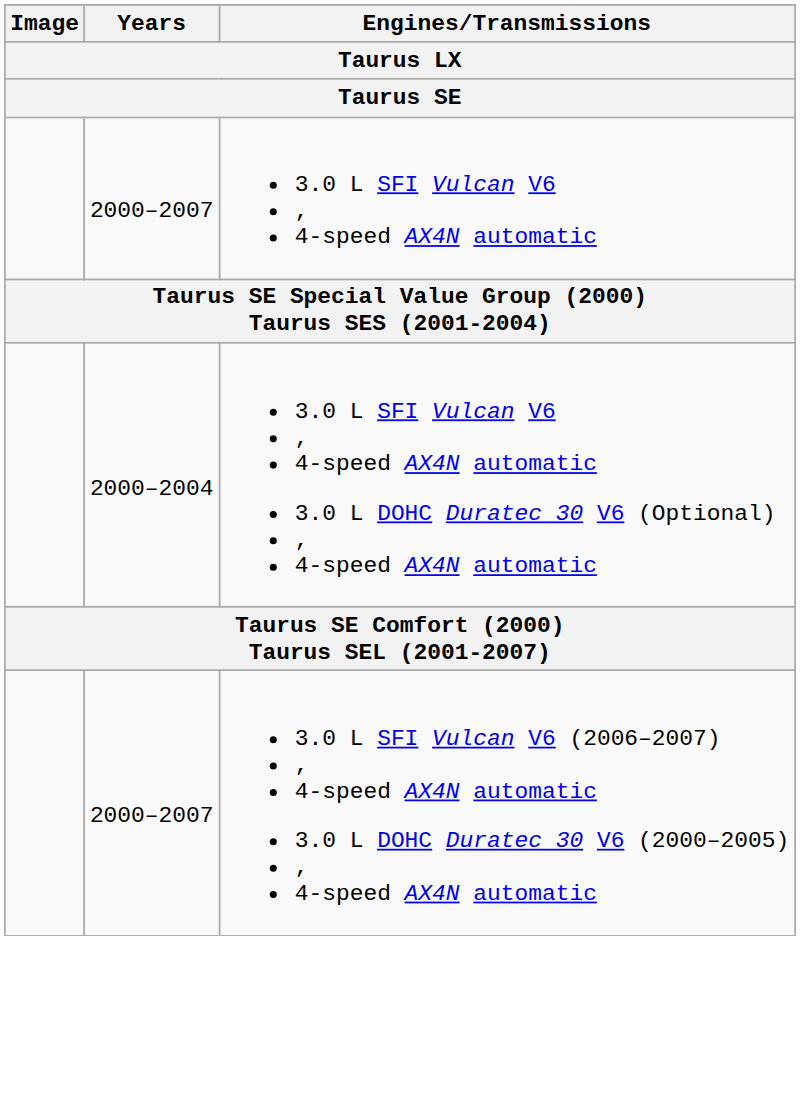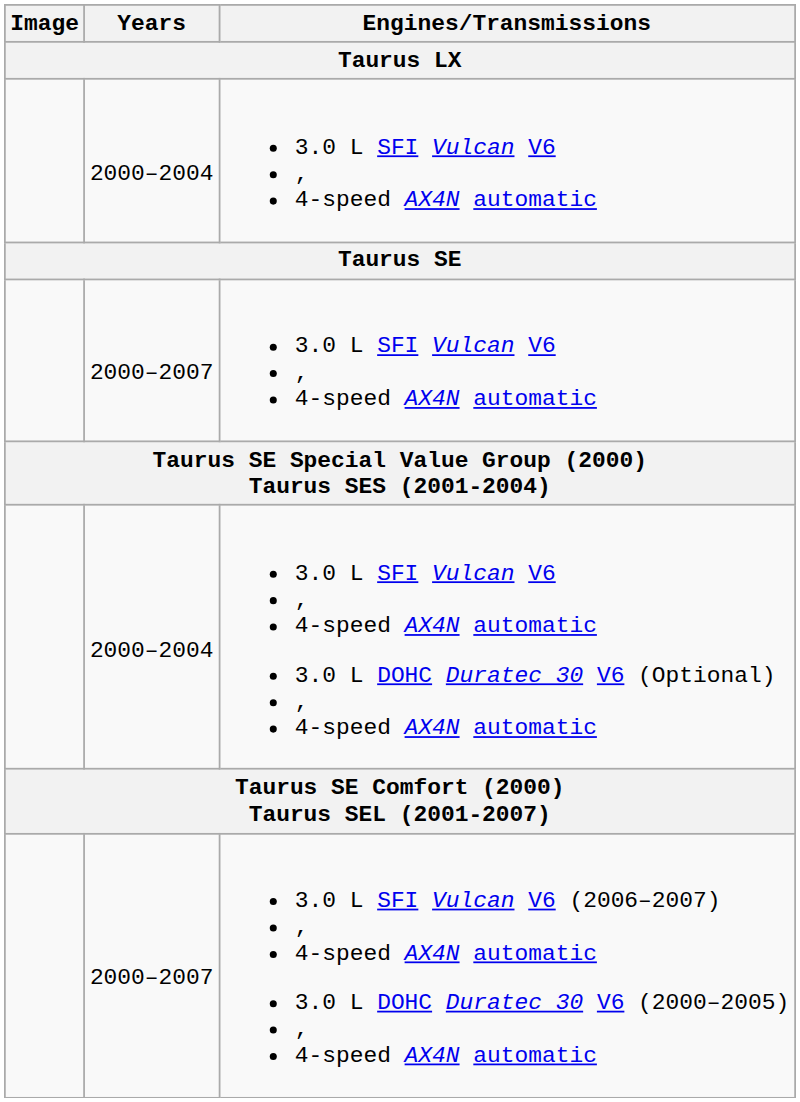 <table class="wikitable">
 <tr style="background:#CCCCCC;">
 <th>Image</th>
 <th>Years</th>
 <th>Engines/Transmissions</th>
 </tr>
 <tr>
 <th colspan=3 style= "textalign:center">Taurus LX</th>
+</tr>
+<tr>
+<td></td>
+<td><br>2000–2004</td>
+<td><br><ul><li>3.0 L <a href='#'>SFI</a> <em><a href='#'>Vulcan</a></em> <a href='#'>V6</a></li><li>, </li><li>4-speed <em><a href='#'>AX4N</a></em> <a href='#'>automatic</a></li></ul></td>
 </tr>
 <tr>
 <th colspan=3 style= "textalign:center">Taurus SE</th>
 </tr>
 <tr>
 <td></td>
 <td><br>2000–2007</td>
 <td><br><ul><li>3.0 L <a href='#'>SFI</a> <em><a href='#'>Vulcan</a></em> <a href='#'>V6</a></li><li>, </li><li>4-speed <em><a href='#'>AX4N</a></em> <a href='#'>automatic</a></li></ul></td>
 </tr>
 <tr>
 <th colspan=3 style= "textalign:center">Taurus SE Special Value Group (2000)<br>Taurus SES (2001-2004)</th>
 </tr>
 <tr>
 <td></td>
 <td><br>2000–2004</td>
 <td><br><ul><li>3.0 L <a href='#'>SFI</a> <em><a href='#'>Vulcan</a></em> <a href='#'>V6</a></li><li>, </li><li>4-speed <em><a href='#'>AX4N</a></em> <a href='#'>automatic</a></li></ul><ul><li>3.0 L <a href='#'>DOHC</a> <em><a href='#'>Duratec 30</a></em> <a href='#'>V6</a> (Optional)</li><li>, </li><li>4-speed <em><a href='#'>AX4N</a></em> <a href='#'>automatic</a></li></ul></td>
 </tr>
 <tr>
 <th colspan=3 style= "textalign:center">Taurus SE Comfort (2000)<br>Taurus SEL (2001-2007)</th>
 </tr>
 <tr>
 <td></td>
 <td><br>2000–2007</td>
 <td><br><ul><li>3.0 L <a href='#'>SFI</a> <em><a href='#'>Vulcan</a></em> <a href='#'>V6</a> (2006–2007)</li><li>, </li><li>4-speed <em><a href='#'>AX4N</a></em> <a href='#'>automatic</a></li></ul><ul><li>3.0 L <a href='#'>DOHC</a> <em><a href='#'>Duratec 30</a></em> <a href='#'>V6</a> (2000–2005)</li><li>, </li><li>4-speed <em><a href='#'>AX4N</a></em> <a href='#'>automatic</a></li></ul></td>
 </tr>
 </table>
